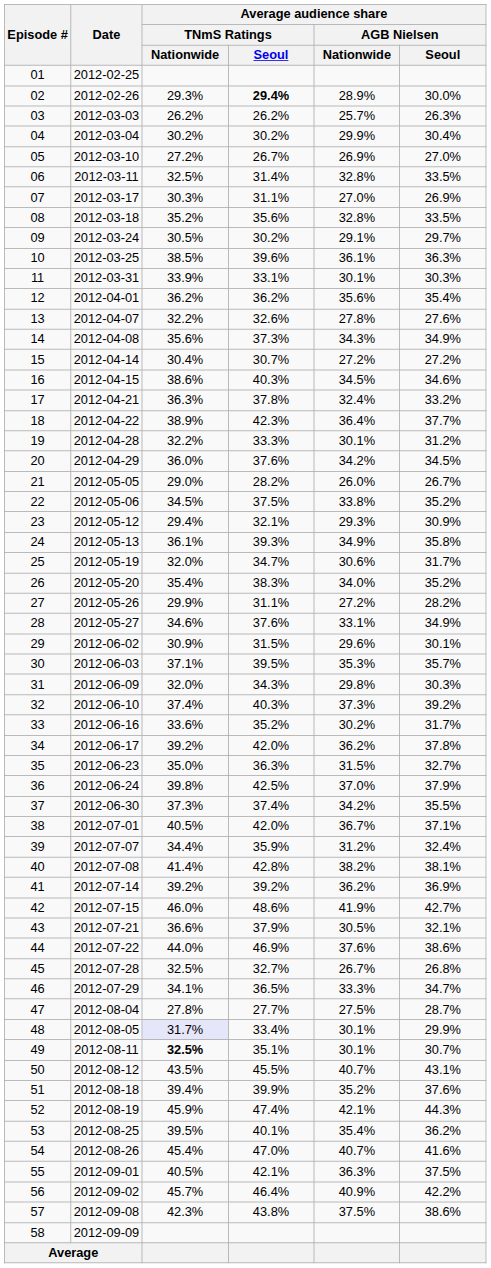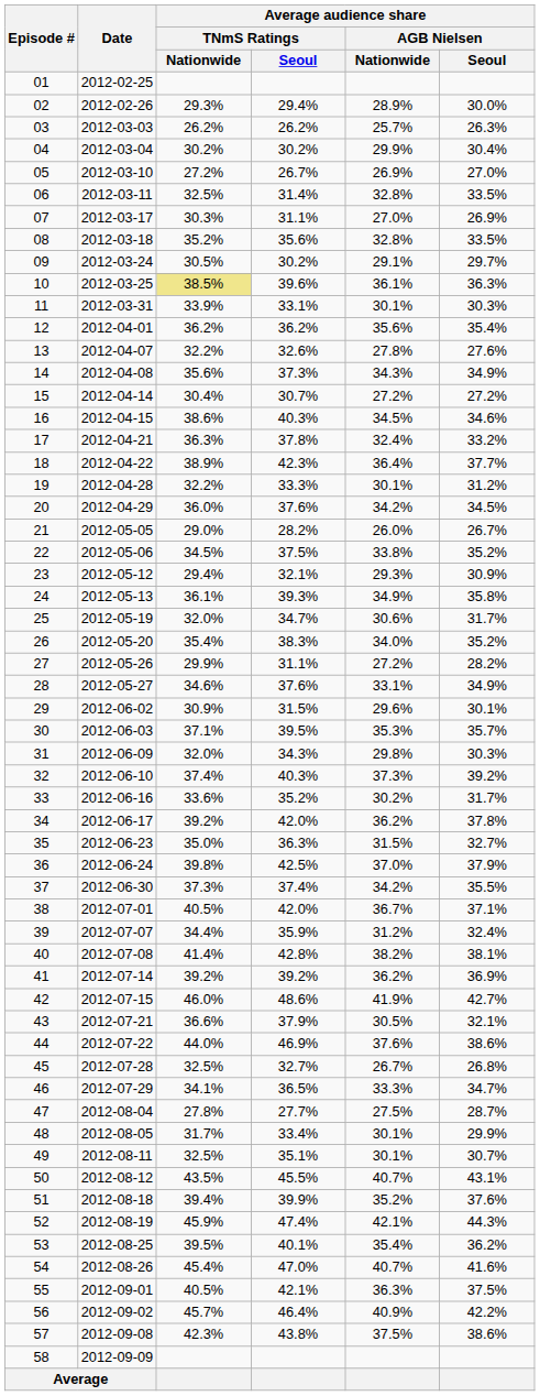 <table class="wikitable" style="text-align:center">
 <tr>
 <th rowspan="3">Episode #</th>
 <th rowspan="3">Date</th>
 <th colspan="4">Average audience share</th>
 </tr>
 <tr>
 <th colspan="2">TNmS Ratings</th>
 <th colspan="2">AGB Nielsen</th>
 </tr>
 <tr>
 <th width="100">Nationwide</th>
 <th width="100"><a href='#'>Seoul</a></th>
 <th width="100">Nationwide</th>
 <th width="100">Seoul</th>
 </tr>
 <tr>
 <td>01</td>
 <td>2012-02-25</td>
 <td> </td>
 <td> </td>
 <td> </td>
 <td> </td>
 </tr>
 <tr>
 <td>02</td>
 <td>2012-02-26</td>
 <td>29.3% </td>
-<td><strong>29.4% </strong></td>
+<td>29.4% </td>
 <td>28.9% </td>
 <td>30.0% </td>
 </tr>
 <tr>
 <td>03</td>
 <td>2012-03-03</td>
 <td>26.2% </td>
 <td>26.2% </td>
 <td>25.7% </td>
 <td>26.3% </td>
 </tr>
 <tr>
 <td>04</td>
 <td>2012-03-04</td>
 <td>30.2% </td>
 <td>30.2% </td>
 <td>29.9% </td>
 <td>30.4% </td>
 </tr>
 <tr>
 <td>05</td>
 <td>2012-03-10</td>
 <td>27.2% </td>
 <td>26.7% </td>
 <td>26.9% </td>
 <td>27.0% </td>
 </tr>
 <tr>
 <td>06</td>
 <td>2012-03-11</td>
 <td>32.5% </td>
 <td>31.4% </td>
 <td>32.8% </td>
 <td>33.5% </td>
 </tr>
 <tr>
 <td>07</td>
 <td>2012-03-17</td>
 <td>30.3% </td>
 <td>31.1% </td>
 <td>27.0% </td>
 <td>26.9% </td>
 </tr>
 <tr>
 <td>08</td>
 <td>2012-03-18</td>
 <td>35.2% </td>
 <td>35.6% </td>
 <td>32.8% </td>
 <td>33.5% </td>
 </tr>
 <tr>
 <td>09</td>
 <td>2012-03-24</td>
 <td>30.5% </td>
 <td>30.2% </td>
 <td>29.1% </td>
 <td>29.7% </td>
 </tr>
 <tr>
 <td>10</td>
 <td>2012-03-25</td>
-<td>38.5% </td>
+<td style="background: khaki;">38.5% </td>
 <td>39.6% </td>
 <td>36.1% </td>
 <td>36.3% </td>
 </tr>
 <tr>
 <td>11</td>
 <td>2012-03-31</td>
 <td>33.9% </td>
 <td>33.1% </td>
 <td>30.1% </td>
 <td>30.3% </td>
 </tr>
 <tr>
 <td>12</td>
 <td>2012-04-01</td>
 <td>36.2% </td>
 <td>36.2% </td>
 <td>35.6% </td>
 <td>35.4% </td>
 </tr>
 <tr>
 <td>13</td>
 <td>2012-04-07</td>
 <td>32.2% </td>
 <td>32.6% </td>
 <td>27.8% </td>
 <td>27.6% </td>
 </tr>
 <tr>
 <td>14</td>
 <td>2012-04-08</td>
 <td>35.6% </td>
 <td>37.3% </td>
 <td>34.3% </td>
 <td>34.9% </td>
 </tr>
 <tr>
 <td>15</td>
 <td>2012-04-14</td>
 <td>30.4% </td>
 <td>30.7% </td>
 <td>27.2% </td>
 <td>27.2% </td>
 </tr>
 <tr>
 <td>16</td>
 <td>2012-04-15</td>
 <td>38.6% </td>
 <td>40.3% </td>
 <td>34.5% </td>
 <td>34.6% </td>
 </tr>
 <tr>
 <td>17</td>
 <td>2012-04-21</td>
 <td>36.3% </td>
 <td>37.8% </td>
 <td>32.4% </td>
 <td>33.2% </td>
 </tr>
 <tr>
 <td>18</td>
 <td>2012-04-22</td>
 <td>38.9% </td>
 <td>42.3% </td>
 <td>36.4% </td>
 <td>37.7% </td>
 </tr>
 <tr>
 <td>19</td>
 <td>2012-04-28</td>
 <td>32.2% </td>
 <td>33.3% </td>
 <td>30.1% </td>
 <td>31.2% </td>
 </tr>
 <tr>
 <td>20</td>
 <td>2012-04-29</td>
 <td>36.0% </td>
 <td>37.6% </td>
 <td>34.2% </td>
 <td>34.5% </td>
 </tr>
 <tr>
 <td>21</td>
 <td>2012-05-05</td>
 <td>29.0% </td>
 <td>28.2% </td>
 <td>26.0% </td>
 <td>26.7% </td>
 </tr>
 <tr>
 <td>22</td>
 <td>2012-05-06</td>
 <td>34.5% </td>
 <td>37.5% </td>
 <td>33.8% </td>
 <td>35.2% </td>
 </tr>
 <tr>
 <td>23</td>
 <td>2012-05-12</td>
 <td>29.4% </td>
 <td>32.1% </td>
 <td>29.3% </td>
 <td>30.9% </td>
 </tr>
 <tr>
 <td>24</td>
 <td>2012-05-13</td>
 <td>36.1% </td>
 <td>39.3% </td>
 <td>34.9% </td>
 <td>35.8% </td>
 </tr>
 <tr>
 <td>25</td>
 <td>2012-05-19</td>
 <td>32.0% </td>
 <td>34.7% </td>
 <td>30.6% </td>
 <td>31.7% </td>
 </tr>
 <tr>
 <td>26</td>
 <td>2012-05-20</td>
 <td>35.4% </td>
 <td>38.3% </td>
 <td>34.0% </td>
 <td>35.2% </td>
 </tr>
 <tr>
 <td>27</td>
 <td>2012-05-26</td>
 <td>29.9% </td>
 <td>31.1% </td>
 <td>27.2% </td>
 <td>28.2% </td>
 </tr>
 <tr>
 <td>28</td>
 <td>2012-05-27</td>
 <td>34.6% </td>
 <td>37.6% </td>
 <td>33.1% </td>
 <td>34.9% </td>
 </tr>
 <tr>
 <td>29</td>
 <td>2012-06-02</td>
 <td>30.9% </td>
 <td>31.5% </td>
 <td>29.6% </td>
 <td>30.1% </td>
 </tr>
 <tr>
 <td>30</td>
 <td>2012-06-03</td>
 <td>37.1% </td>
 <td>39.5% </td>
 <td>35.3% </td>
 <td>35.7% </td>
 </tr>
 <tr>
 <td>31</td>
 <td>2012-06-09</td>
 <td>32.0% </td>
 <td>34.3% </td>
 <td>29.8% </td>
 <td>30.3% </td>
 </tr>
 <tr>
 <td>32</td>
 <td>2012-06-10</td>
 <td>37.4% </td>
 <td>40.3% </td>
 <td>37.3% </td>
 <td>39.2% </td>
 </tr>
 <tr>
 <td>33</td>
 <td>2012-06-16</td>
 <td>33.6% </td>
 <td>35.2% </td>
 <td>30.2% </td>
 <td>31.7% </td>
 </tr>
 <tr>
 <td>34</td>
 <td>2012-06-17</td>
 <td>39.2% </td>
 <td>42.0% </td>
 <td>36.2% </td>
 <td>37.8% </td>
 </tr>
 <tr>
 <td>35</td>
 <td>2012-06-23</td>
 <td>35.0% </td>
 <td>36.3% </td>
 <td>31.5% </td>
 <td>32.7% </td>
 </tr>
 <tr>
 <td>36</td>
 <td>2012-06-24</td>
 <td>39.8% </td>
 <td>42.5% </td>
 <td>37.0% </td>
 <td>37.9% </td>
 </tr>
 <tr>
 <td>37</td>
 <td>2012-06-30</td>
 <td>37.3% </td>
 <td>37.4% </td>
 <td>34.2% </td>
 <td>35.5% </td>
 </tr>
 <tr>
 <td>38</td>
 <td>2012-07-01</td>
 <td>40.5% </td>
 <td>42.0% </td>
 <td>36.7% </td>
 <td>37.1% </td>
 </tr>
 <tr>
 <td>39</td>
 <td>2012-07-07</td>
 <td>34.4% </td>
 <td>35.9% </td>
 <td>31.2% </td>
 <td>32.4% </td>
 </tr>
 <tr>
 <td>40</td>
 <td>2012-07-08</td>
 <td>41.4% </td>
 <td>42.8% </td>
 <td>38.2% </td>
 <td>38.1% </td>
 </tr>
 <tr>
 <td>41</td>
 <td>2012-07-14</td>
 <td>39.2% </td>
 <td>39.2% </td>
 <td>36.2% </td>
 <td>36.9% </td>
 </tr>
 <tr>
 <td>42</td>
 <td>2012-07-15</td>
 <td>46.0% </td>
 <td>48.6% </td>
 <td>41.9% </td>
 <td>42.7% </td>
 </tr>
 <tr>
 <td>43</td>
 <td>2012-07-21</td>
 <td>36.6% </td>
 <td>37.9% </td>
 <td>30.5% </td>
 <td>32.1% </td>
 </tr>
 <tr>
 <td>44</td>
 <td>2012-07-22</td>
 <td>44.0% </td>
 <td>46.9% </td>
 <td>37.6% </td>
 <td>38.6% </td>
 </tr>
 <tr>
 <td>45</td>
 <td>2012-07-28</td>
 <td>32.5% </td>
 <td>32.7% </td>
 <td>26.7% </td>
 <td>26.8% </td>
 </tr>
 <tr>
 <td>46</td>
 <td>2012-07-29</td>
 <td>34.1% </td>
 <td>36.5% </td>
 <td>33.3% </td>
 <td>34.7% </td>
 </tr>
 <tr>
 <td>47</td>
 <td>2012-08-04</td>
 <td>27.8% </td>
 <td>27.7% </td>
 <td>27.5% </td>
 <td>28.7% </td>
 </tr>
 <tr>
 <td>48</td>
 <td>2012-08-05</td>
-<td style="background: lavender;">31.7% </td>
+<td>31.7% </td>
 <td>33.4% </td>
 <td>30.1% </td>
 <td>29.9% </td>
 </tr>
 <tr>
 <td>49</td>
 <td>2012-08-11</td>
-<td><strong>32.5% </strong></td>
+<td>32.5% </td>
 <td>35.1% </td>
 <td>30.1% </td>
 <td>30.7% </td>
 </tr>
 <tr>
 <td>50</td>
 <td>2012-08-12</td>
 <td>43.5% </td>
 <td>45.5% </td>
 <td>40.7% </td>
 <td>43.1% </td>
 </tr>
 <tr>
 <td>51</td>
 <td>2012-08-18</td>
 <td>39.4% </td>
 <td>39.9% </td>
 <td>35.2% </td>
 <td>37.6% </td>
 </tr>
 <tr>
 <td>52</td>
 <td>2012-08-19</td>
 <td>45.9% </td>
 <td>47.4% </td>
 <td>42.1% </td>
 <td>44.3% </td>
 </tr>
 <tr>
 <td>53</td>
 <td>2012-08-25</td>
 <td>39.5% </td>
 <td>40.1% </td>
 <td>35.4% </td>
 <td>36.2% </td>
 </tr>
 <tr>
 <td>54</td>
 <td>2012-08-26</td>
 <td>45.4% </td>
 <td>47.0% </td>
 <td>40.7% </td>
 <td>41.6% </td>
 </tr>
 <tr>
 <td>55</td>
 <td>2012-09-01</td>
 <td>40.5% </td>
 <td>42.1% </td>
 <td>36.3% </td>
 <td>37.5% </td>
 </tr>
 <tr>
 <td>56</td>
 <td>2012-09-02</td>
 <td>45.7% </td>
 <td>46.4% </td>
 <td>40.9% </td>
 <td>42.2% </td>
 </tr>
 <tr>
 <td>57</td>
 <td>2012-09-08</td>
 <td>42.3% </td>
 <td>43.8% </td>
 <td>37.5% </td>
 <td>38.6% </td>
 </tr>
 <tr>
 <td>58</td>
 <td>2012-09-09</td>
 <td> </td>
 <td> </td>
 <td> </td>
 <td> </td>
 </tr>
 <tr>
 <th colspan="2">Average</th>
 <th></th>
 <th></th>
 <th></th>
 <th></th>
 </tr>
 </table>
